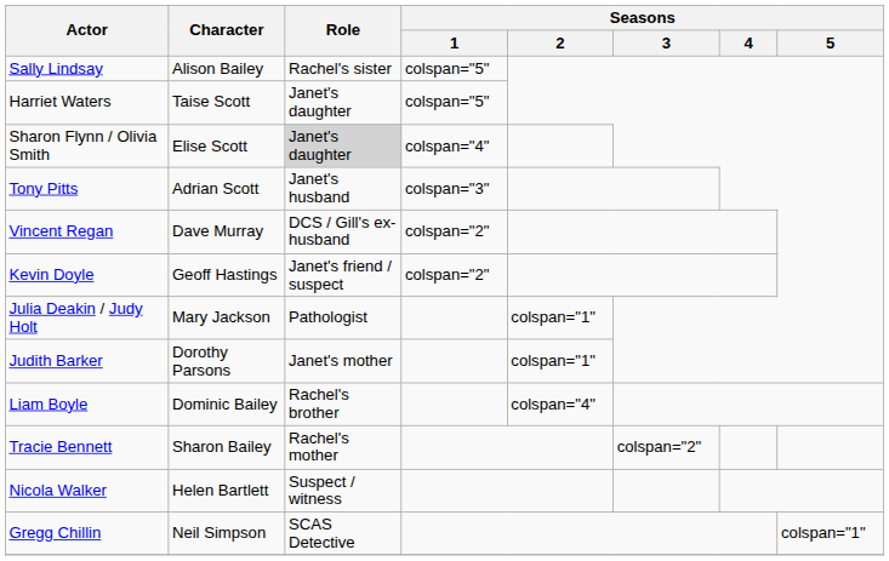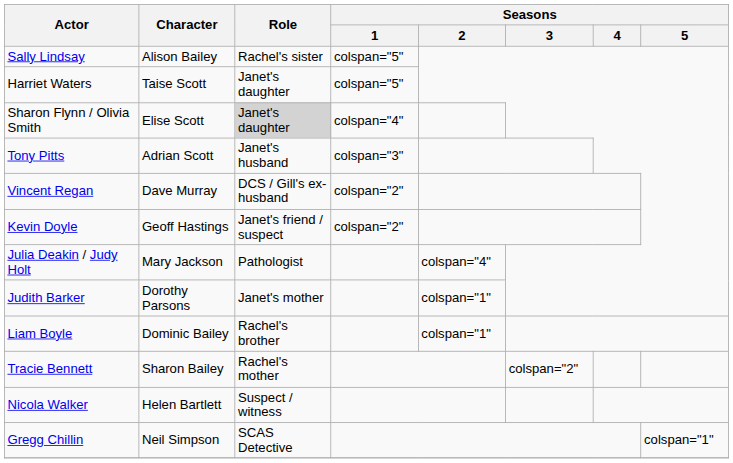 <table class="wikitable plainrowheaders" style="width:100%;">
 <tr>
 <th scope="col" rowspan="2" style="width:14%;">Actor</th>
 <th scope="col" rowspan="2" style="width:10%;">Character</th>
 <th scope="col" rowspan="2" style="width:10%;">Role</th>
 <th scope="col" colspan="5">Seasons</th>
 </tr>
 <tr>
 <th scope="col" style="width:5%;">1</th>
 <th scope="col" style="width:5%;">2</th>
 <th scope="col" style="width:5%;">3</th>
 <th scope="col" style="width:5%;">4</th>
 <th scope="col" style="width:5%;">5</th>
 </tr>
 <tr>
 <td scope="row"><a href='#'>Sally Lindsay</a></td>
 <td>Alison Bailey</td>
 <td>Rachel's sister</td>
 <td>colspan="5" </td>
 </tr>
 <tr>
 <td scope="row">Harriet Waters</td>
 <td>Taise Scott</td>
 <td>Janet's daughter</td>
 <td>colspan="5" </td>
 </tr>
 <tr>
 <td scope="row">Sharon Flynn / Olivia Smith</td>
 <td>Elise Scott</td>
 <td style="background: lightgrey;">Janet's daughter</td>
 <td>colspan="4" </td>
 <td></td>
 </tr>
 <tr>
 <td scope="row"><a href='#'>Tony Pitts</a></td>
 <td>Adrian Scott</td>
 <td>Janet's husband</td>
 <td>colspan="3" </td>
 <td colspan="2"></td>
 </tr>
 <tr>
 <td scope="row"><a href='#'>Vincent Regan</a></td>
 <td>Dave Murray</td>
 <td>DCS / Gill's ex-husband</td>
 <td>colspan="2" </td>
 <td colspan="3"></td>
 </tr>
 <tr>
 <td scope="row"><a href='#'>Kevin Doyle</a></td>
 <td>Geoff Hastings</td>
 <td>Janet's friend / suspect</td>
 <td>colspan="2" </td>
 <td colspan="3"></td>
 </tr>
 <tr>
 <td scope="row"><a href='#'>Julia Deakin</a> / <a href='#'>Judy Holt</a></td>
 <td>Mary Jackson</td>
 <td>Pathologist</td>
 <td></td>
-<td>colspan="1" </td>
+<td>colspan="4" </td>
 </tr>
 <tr>
 <td scope="row"><a href='#'>Judith Barker</a></td>
 <td>Dorothy Parsons</td>
 <td>Janet's mother</td>
 <td></td>
 <td>colspan="1" </td>
 </tr>
 <tr>
 <td scope="row"><a href='#'>Liam Boyle</a></td>
 <td>Dominic Bailey</td>
 <td>Rachel's brother</td>
 <td></td>
-<td>colspan="4" </td>
+<td>colspan="1" </td>
 <td colspan="3"></td>
 </tr>
 <tr>
 <td scope="row"><a href='#'>Tracie Bennett</a></td>
 <td>Sharon Bailey</td>
 <td>Rachel's mother</td>
 <td colspan="2"></td>
 <td>colspan="2" </td>
 <td></td>
 </tr>
 <tr>
 <td scope="row"><a href='#'>Nicola Walker</a></td>
 <td>Helen Bartlett</td>
 <td>Suspect / witness</td>
 <td colspan="2"></td>
 <td></td>
 <td colspan="2"></td>
 </tr>
 <tr>
 <td scope="row"><a href='#'>Gregg Chillin</a></td>
 <td>Neil Simpson</td>
 <td>SCAS Detective</td>
 <td colspan="4"></td>
 <td>colspan="1" </td>
 </tr>
 <tr>
 </tr>
 </table>
